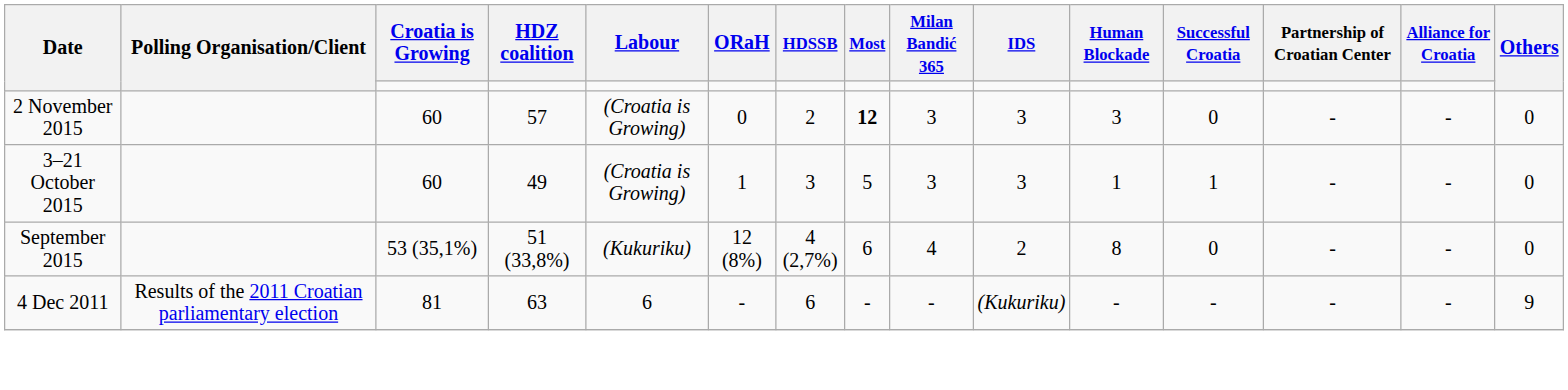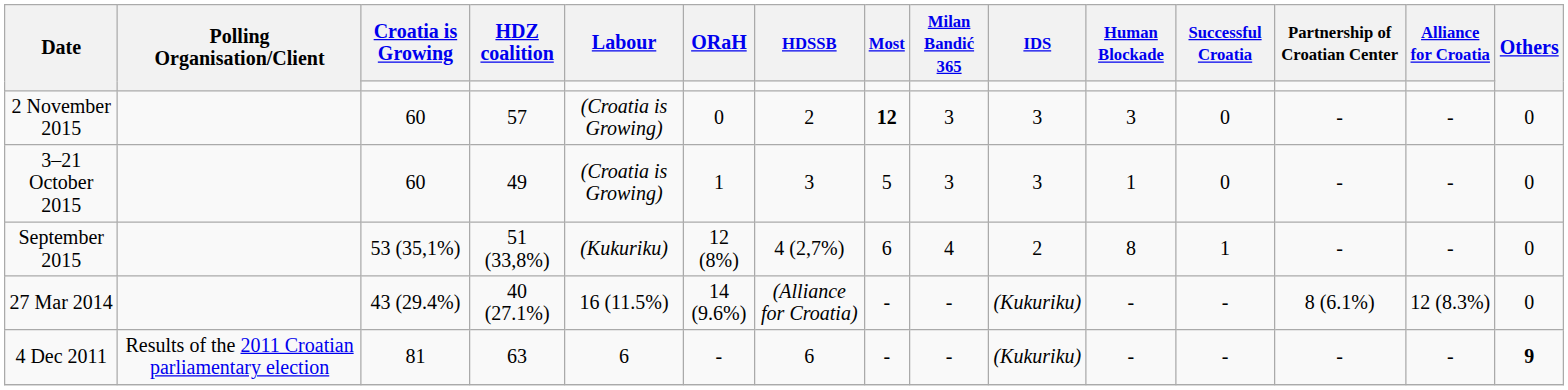 <table class="wikitable" style="text-align:center;">
 <tr>
 <th rowspan=2>Date</th>
 <th rowspan=2>Polling Organisation/Client</th>
 <th><a href='#'>Croatia is Growing</a></th>
 <th><a href='#'>HDZ coalition</a></th>
 <th><a href='#'><span>Labour</span></a></th>
 <th><a href='#'><span>ORaH</span></a></th>
 <th><small><a href='#'>HDSSB</a></small></th>
 <th><small><a href='#'>Most</a></small></th>
 <th><small><a href='#'>Milan Bandić 365</a></small></th>
 <th><small><a href='#'>IDS</a></small></th>
 <th><small><a href='#'>Human Blockade</a></small></th>
 <th><small><a href='#'>Successful Croatia</a></small></th>
 <th><small>Partnership of Croatian Center</small></th>
 <th><small><a href='#'>Alliance for Croatia</a></small></th>
 <th rowspan=2><a href='#'>Others</a></th>
 </tr>
 <tr>
 <td style="background: "></td>
 <td style="background: "></td>
 <td style="background: "></td>
 <td style="background: "></td>
 <td style="background: "></td>
 <td style="background: "></td>
 <td style="background: "></td>
 <td style="background: "></td>
 <td style="background: "></td>
 <td style="background: "></td>
 <td style="background: "></td>
 <td style="background: "></td>
 </tr>
 <tr>
 <td>2 November 2015</td>
 <td></td>
 <td align=center>60</td>
 <td align=center>57</td>
 <td align=center><em>(Croatia is Growing)</em></td>
 <td align=center>0</td>
 <td align=center>2</td>
 <td align=center><strong>12</strong></td>
 <td align=center>3</td>
 <td align=center>3</td>
 <td align=center>3</td>
 <td align=center>0</td>
 <td align=center>-</td>
 <td align=center>-</td>
 <td align=center>0</td>
 </tr>
 <tr>
 <td>3–21 October 2015</td>
 <td></td>
 <td align=center>60</td>
 <td align=center>49</td>
 <td align=center><em>(Croatia is Growing)</em></td>
 <td align=center>1</td>
 <td align=center>3</td>
 <td align=center>5</td>
 <td align=center>3</td>
 <td align=center>3</td>
 <td align=center>1</td>
-<td align=center>1</td>
+<td align=center>0</td>
 <td align=center>-</td>
 <td align=center>-</td>
 <td align=center>0</td>
 </tr>
 <tr>
 <td>September 2015</td>
 <td></td>
 <td align=center>53 (35,1%)</td>
 <td align=center>51 (33,8%)</td>
 <td align=center><em>(Kukuriku)</em></td>
 <td align=center>12 (8%)</td>
 <td align=center>4 (2,7%)</td>
 <td align=center>6</td>
 <td align=center>4</td>
 <td align=center>2</td>
 <td align=center>8</td>
-<td align=center>0</td>
+<td align=center>1</td>
 <td align=center>-</td>
 <td align=center>-</td>
+<td align=center>0</td>
+</tr>
+<tr>
+<td>27 Mar 2014</td>
+<td></td>
+<td align=center>43 (29.4%)</td>
+<td align=center>40 (27.1%)</td>
+<td align=center>16 (11.5%)</td>
+<td align=center>14 (9.6%)</td>
+<td align=center><em>(Alliance for Croatia)</em></td>
+<td align=center>-</td>
+<td align=center>-</td>
+<td align=center><em>(Kukuriku)</em></td>
+<td align=center>-</td>
+<td align=center>-</td>
+<td align=center>8 (6.1%)</td>
+<td align=center>12 (8.3%)</td>
 <td align=center>0</td>
 </tr>
 <tr>
 <td>4 Dec 2011</td>
 <td>Results of the <a href='#'>2011 Croatian parliamentary election</a></td>
 <td align=center>81</td>
 <td align=center>63</td>
 <td align=center>6</td>
 <td align=center>-</td>
 <td align=center>6</td>
 <td align=center>-</td>
 <td align=center>-</td>
 <td align=center><em>(Kukuriku)</em></td>
 <td align=center>-</td>
 <td align=center>-</td>
 <td align=center>-</td>
 <td align=center>-</td>
-<td align=center>9</td>
+<td align=center><strong>9</strong></td>
 </tr>
 <tr>
 </tr>
 </table>
